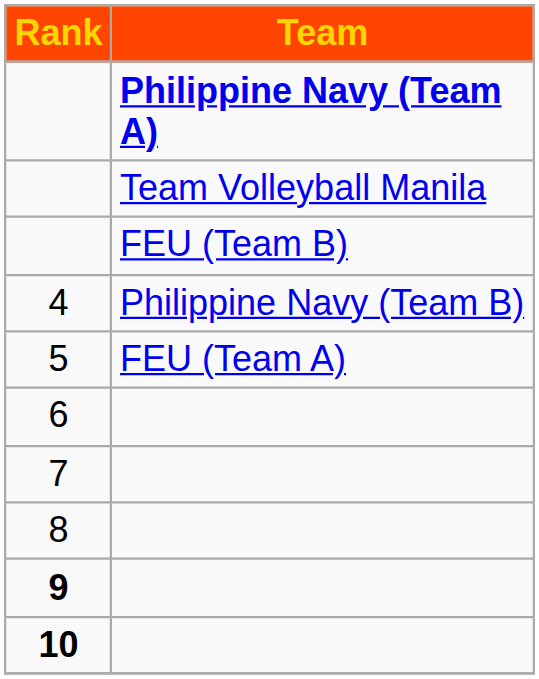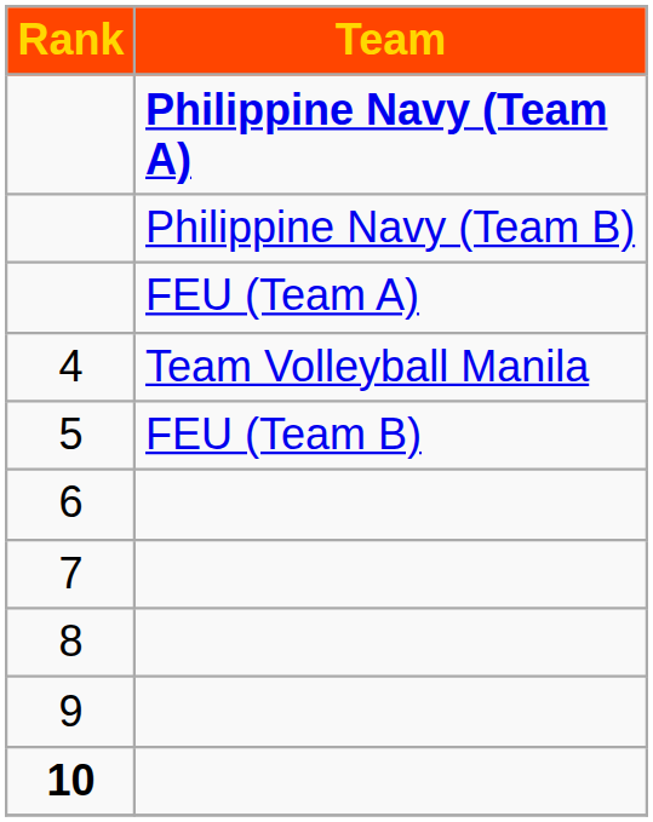 <table class="wikitable" style="text-align: center;">
 <tr>
 <th width=40 style="background:#FF4500; color:#FFD700;">Rank</th>
 <th width=180 style="background:#FF4500; color:#FFD700;">Team</th>
 </tr>
 <tr>
 <td></td>
 <td align="left"><strong><a href='#'>Philippine Navy (Team A)</a></strong></td>
 </tr>
 <tr>
 <td></td>
+<td align="left"><a href='#'>Philippine Navy (Team B)</a></td>
+</tr>
+<tr>
+<td></td>
+<td align="left"><a href='#'>FEU (Team A)</a></td>
+</tr>
+<tr>
+<td>4</td>
 <td align="left"><a href='#'>Team Volleyball Manila</a></td>
 </tr>
 <tr>
-<td></td>
+<td>5</td>
 <td align="left"><a href='#'>FEU (Team B)</a></td>
-</tr>
-<tr>
-<td>4</td>
-<td align="left"><a href='#'>Philippine Navy (Team B)</a></td>
-</tr>
-<tr>
-<td>5</td>
-<td align="left"><a href='#'>FEU (Team A)</a></td>
 </tr>
 <tr>
 <td>6</td>
 <td align="left"></td>
 </tr>
 <tr>
 <td>7</td>
 <td align="left"></td>
 </tr>
 <tr>
 <td>8</td>
 <td align="left"></td>
 </tr>
 <tr>
-<td><strong>9</strong></td>
+<td>9</td>
 <td align="left"></td>
 </tr>
 <tr>
 <td><strong>10</strong></td>
 <td align="left"></td>
 </tr>
 <tr>
 </tr>
 </table>
